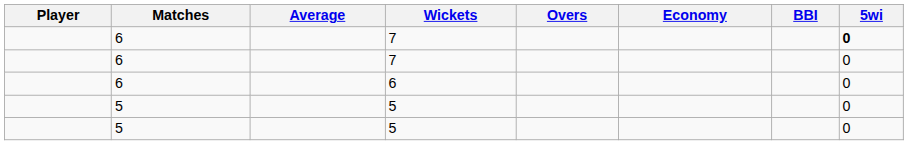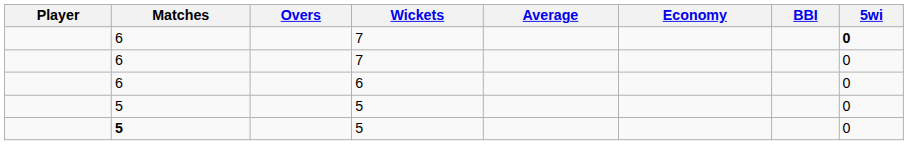 <table class="wikitable sortable" style="width:80%;">
 <tr>
 <th>Player</th>
 <th>Matches</th>
+<th><a href='#'>Overs</a></th>
+<th><a href='#'>Wickets</a></th>
 <th><a href='#'>Average</a></th>
-<th><a href='#'>Wickets</a></th>
-<th><a href='#'>Overs</a></th>
 <th><a href='#'>Economy</a></th>
 <th><a href='#'>BBI</a></th>
 <th><a href='#'>5wi</a></th>
 </tr>
 <tr>
 <td></td>
 <td>6</td>
 <td></td>
 <td>7</td>
 <td></td>
 <td></td>
 <td></td>
 <td><strong>0</strong></td>
 </tr>
 <tr>
 <td></td>
 <td>6</td>
 <td></td>
 <td>7</td>
 <td></td>
 <td></td>
 <td></td>
 <td>0</td>
 </tr>
 <tr>
 <td></td>
 <td>6</td>
 <td></td>
 <td>6</td>
 <td></td>
 <td></td>
 <td></td>
 <td>0</td>
 </tr>
 <tr>
 <td></td>
 <td>5</td>
 <td></td>
 <td>5</td>
 <td></td>
 <td></td>
 <td></td>
 <td>0</td>
 </tr>
 <tr>
 <td></td>
-<td>5</td>
+<td><strong>5</strong></td>
 <td></td>
 <td>5</td>
 <td></td>
 <td></td>
 <td></td>
 <td>0</td>
 </tr>
 </table>
